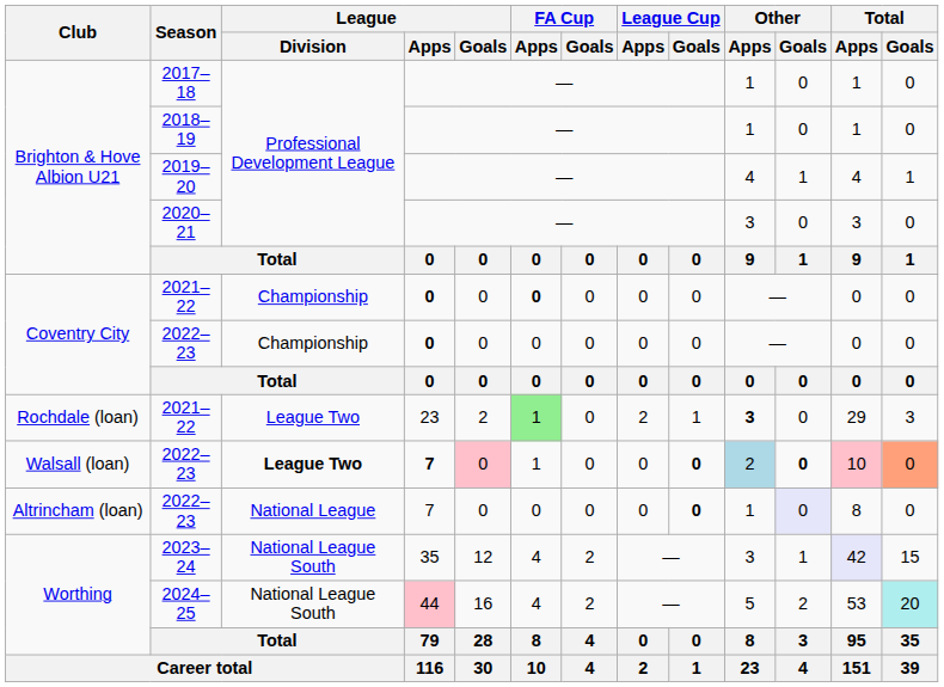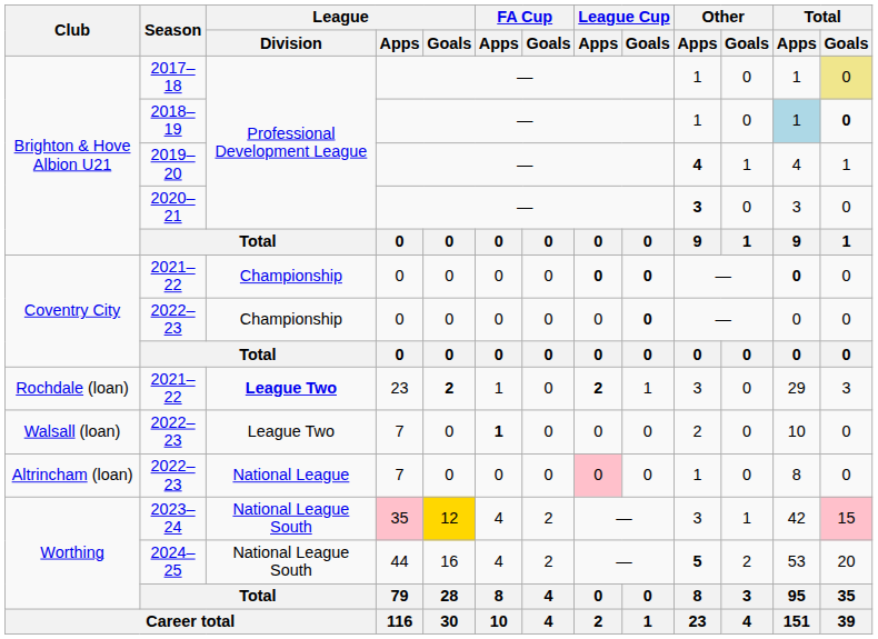 <table class="wikitable" style="text-align: center">
 <tr>
 <th rowspan="2">Club</th>
 <th rowspan="2">Season</th>
 <th colspan="3">League</th>
 <th colspan="2"><a href='#'>FA Cup</a></th>
 <th colspan="2"><a href='#'>League Cup</a></th>
 <th colspan="2">Other</th>
 <th colspan="2">Total</th>
 </tr>
 <tr>
 <th>Division</th>
 <th>Apps</th>
 <th>Goals</th>
 <th>Apps</th>
 <th>Goals</th>
 <th>Apps</th>
 <th>Goals</th>
 <th>Apps</th>
 <th>Goals</th>
 <th>Apps</th>
 <th>Goals</th>
 </tr>
 <tr>
 <td rowspan="5"><a href='#'>Brighton & Hove Albion U21</a></td>
 <td><a href='#'>2017–18</a></td>
 <td rowspan="4"><a href='#'>Professional Development League</a></td>
 <td colspan="6">—</td>
 <td>1</td>
 <td>0</td>
 <td>1</td>
-<td>0</td>
+<td style="background: khaki;">0</td>
 </tr>
 <tr>
 <td><a href='#'>2018–19</a></td>
 <td colspan="6">—</td>
 <td>1</td>
 <td>0</td>
-<td>1</td>
-<td>0</td>
+<td style="background: lightblue;">1</td>
+<td><strong>0</strong></td>
 </tr>
 <tr>
 <td><a href='#'>2019–20</a></td>
 <td colspan="6">—</td>
-<td>4</td>
+<td><strong>4</strong></td>
 <td>1</td>
 <td>4</td>
 <td>1</td>
 </tr>
 <tr>
 <td><a href='#'>2020–21</a></td>
 <td colspan="6">—</td>
-<td>3</td>
+<td><strong>3</strong></td>
 <td>0</td>
 <td>3</td>
 <td>0</td>
 </tr>
 <tr>
 <th colspan="2">Total</th>
 <th>0</th>
 <th>0</th>
 <th>0</th>
 <th>0</th>
 <th>0</th>
 <th>0</th>
 <th>9</th>
 <th>1</th>
 <th>9</th>
 <th>1</th>
 </tr>
 <tr>
 <td rowspan="3"><a href='#'>Coventry City</a></td>
 <td><a href='#'>2021–22</a></td>
 <td><a href='#'>Championship</a></td>
-<td><strong>0</strong></td>
-<td>0</td>
-<td><strong>0</strong></td>
 <td>0</td>
 <td>0</td>
 <td>0</td>
+<td>0</td>
+<td><strong>0</strong></td>
+<td><strong>0</strong></td>
 <td colspan="2">—</td>
-<td>0</td>
+<td><strong>0</strong></td>
 <td>0</td>
 </tr>
 <tr>
 <td><a href='#'>2022–23</a></td>
 <td>Championship</td>
-<td><strong>0</strong></td>
 <td>0</td>
 <td>0</td>
 <td>0</td>
 <td>0</td>
 <td>0</td>
+<td><strong>0</strong></td>
 <td colspan="2">—</td>
 <td>0</td>
 <td>0</td>
 </tr>
 <tr>
 <th colspan=2>Total</th>
 <th>0</th>
 <th>0</th>
 <th>0</th>
 <th>0</th>
 <th>0</th>
 <th>0</th>
 <th>0</th>
 <th>0</th>
 <th>0</th>
 <th>0</th>
 </tr>
 <tr>
 <td><a href='#'>Rochdale</a> (loan)</td>
 <td><a href='#'>2021–22</a></td>
-<td><a href='#'>League Two</a></td>
+<td><strong><a href='#'>League Two</a></strong></td>
 <td>23</td>
-<td>2</td>
-<td style="background: lightgreen;">1</td>
+<td><strong>2</strong></td>
+<td>1</td>
 <td>0</td>
-<td>2</td>
+<td><strong>2</strong></td>
 <td>1</td>
-<td><strong>3</strong></td>
+<td>3</td>
 <td>0</td>
 <td>29</td>
 <td>3</td>
 </tr>
 <tr>
 <td><a href='#'>Walsall</a> (loan)</td>
 <td><a href='#'>2022–23</a></td>
-<td><strong>League Two</strong></td>
-<td><strong>7</strong></td>
-<td style="background: pink;">0</td>
-<td>1</td>
+<td>League Two</td>
+<td>7</td>
+<td>0</td>
+<td><strong>1</strong></td>
 <td>0</td>
 <td>0</td>
-<td><strong>0</strong></td>
-<td style="background: lightblue;">2</td>
-<td><strong>0</strong></td>
-<td style="background: pink;">10</td>
-<td style="background: lightsalmon;">0</td>
+<td>0</td>
+<td>2</td>
+<td>0</td>
+<td>10</td>
+<td>0</td>
 </tr>
 <tr>
 <td><a href='#'>Altrincham</a> (loan)</td>
 <td><a href='#'>2022–23</a></td>
 <td><a href='#'>National League</a></td>
 <td>7</td>
 <td>0</td>
 <td>0</td>
 <td>0</td>
+<td style="background: pink;">0</td>
 <td>0</td>
-<td><strong>0</strong></td>
 <td>1</td>
-<td style="background: lavender;">0</td>
+<td>0</td>
 <td>8</td>
 <td>0</td>
 </tr>
 <tr>
 <td rowspan="3"><a href='#'>Worthing</a></td>
 <td><a href='#'>2023–24</a></td>
 <td><a href='#'>National League South</a></td>
-<td>35</td>
-<td>12</td>
+<td style="background: pink;">35</td>
+<td style="background: gold;">12</td>
 <td>4</td>
 <td>2</td>
 <td colspan="2">—</td>
 <td>3</td>
 <td>1</td>
-<td style="background: lavender;">42</td>
-<td>15</td>
+<td>42</td>
+<td style="background: pink;">15</td>
 </tr>
 <tr>
 <td><a href='#'>2024–25</a></td>
 <td>National League South</td>
-<td style="background: pink;">44</td>
+<td>44</td>
 <td>16</td>
 <td>4</td>
 <td>2</td>
 <td colspan="2">—</td>
-<td>5</td>
+<td><strong>5</strong></td>
 <td>2</td>
 <td>53</td>
-<td style="background: paleturquoise;">20</td>
+<td>20</td>
 </tr>
 <tr>
 <th colspan="2">Total</th>
 <th>79</th>
 <th>28</th>
 <th>8</th>
 <th>4</th>
 <th>0</th>
 <th>0</th>
 <th>8</th>
 <th>3</th>
 <th>95</th>
 <th>35</th>
 </tr>
 <tr>
 <th colspan="3">Career total</th>
 <th>116</th>
 <th>30</th>
 <th>10</th>
 <th>4</th>
 <th>2</th>
 <th>1</th>
 <th>23</th>
 <th>4</th>
 <th>151</th>
 <th>39</th>
 </tr>
 </table>
